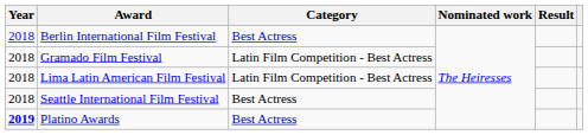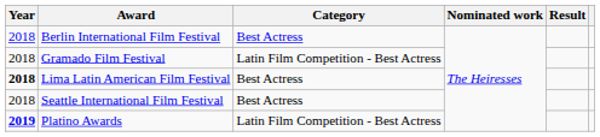 <table class="wikitable">
 <tr>
 <th>Year</th>
 <th>Award</th>
 <th>Category</th>
 <th>Nominated work</th>
 <th>Result</th>
 <th></th>
 </tr>
 <tr>
 <td><a href='#'>2018</a></td>
 <td><a href='#'>Berlin International Film Festival</a></td>
 <td><a href='#'>Best Actress</a></td>
 <td rowspan="5"><em><a href='#'>The Heiresses</a></em></td>
 <td></td>
 <td></td>
 </tr>
 <tr>
 <td>2018</td>
 <td><a href='#'>Gramado Film Festival</a></td>
 <td>Latin Film Competition - Best Actress</td>
 <td></td>
 <td></td>
 </tr>
 <tr>
-<td>2018</td>
+<td><strong>2018</strong></td>
 <td><a href='#'>Lima Latin American Film Festival</a></td>
-<td>Latin Film Competition - Best Actress</td>
+<td>Best Actress</td>
 <td></td>
 <td></td>
 </tr>
 <tr>
 <td>2018</td>
 <td><a href='#'>Seattle International Film Festival</a></td>
 <td>Best Actress</td>
 <td></td>
 <td></td>
 </tr>
 <tr>
 <td><strong><a href='#'>2019</a></strong></td>
 <td><a href='#'>Platino Awards</a></td>
-<td><a href='#'>Best Actress</a></td>
+<td>Latin Film Competition - Best Actress</td>
 <td></td>
 <td></td>
 </tr>
 </table>
